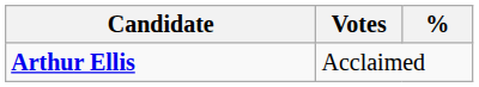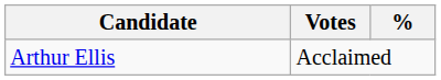 <table class="wikitable">
 <tr>
 <th style="width: 200px">Candidate</th>
 <th style="width: 50px">Votes</th>
 <th style="width: 40px">%</th>
 </tr>
 <tr>
-<td><strong><a href='#'>Arthur Ellis</a></strong></td>
+<td><a href='#'>Arthur Ellis</a></td>
 <td colspan="2">Acclaimed</td>
 </tr>
 </table>
